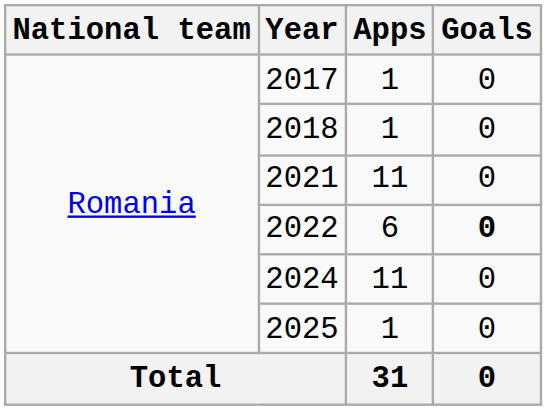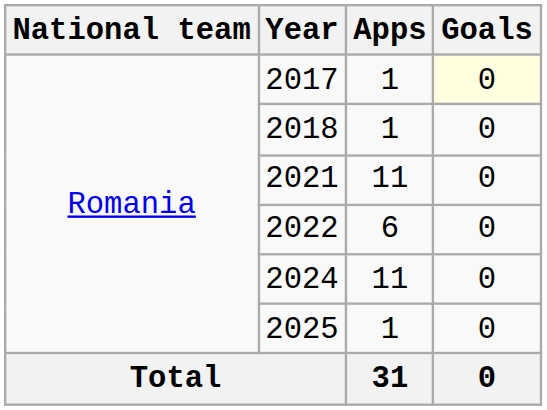 <table class="wikitable" style="text-align:center">
 <tr>
 <th>National team</th>
 <th>Year</th>
 <th>Apps</th>
 <th>Goals</th>
 </tr>
 <tr>
 <td rowspan="6"><a href='#'>Romania</a></td>
 <td>2017</td>
 <td>1</td>
-<td>0</td>
+<td style="background: lightyellow;">0</td>
 </tr>
 <tr>
 <td>2018</td>
 <td>1</td>
 <td>0</td>
 </tr>
 <tr>
 <td>2021</td>
 <td>11</td>
 <td>0</td>
 </tr>
 <tr>
 <td>2022</td>
 <td>6</td>
-<td><strong>0</strong></td>
+<td>0</td>
 </tr>
 <tr>
 <td>2024</td>
 <td>11</td>
 <td>0</td>
 </tr>
 <tr>
 <td>2025</td>
 <td>1</td>
 <td>0</td>
 </tr>
 <tr>
 <th colspan=2>Total</th>
 <th>31</th>
 <th>0</th>
 </tr>
 </table>
